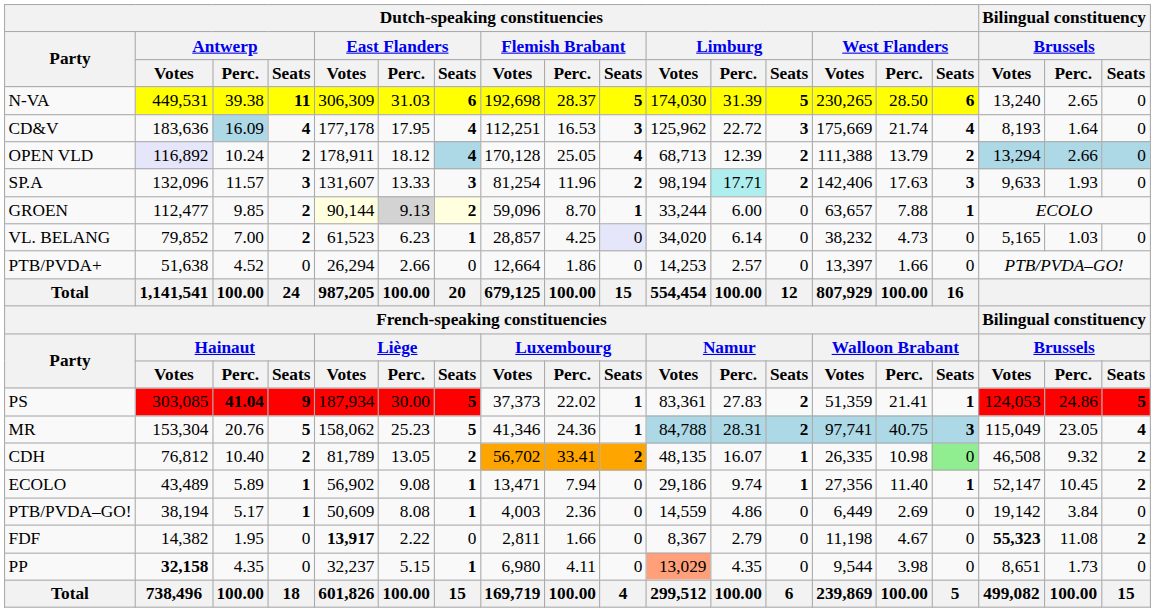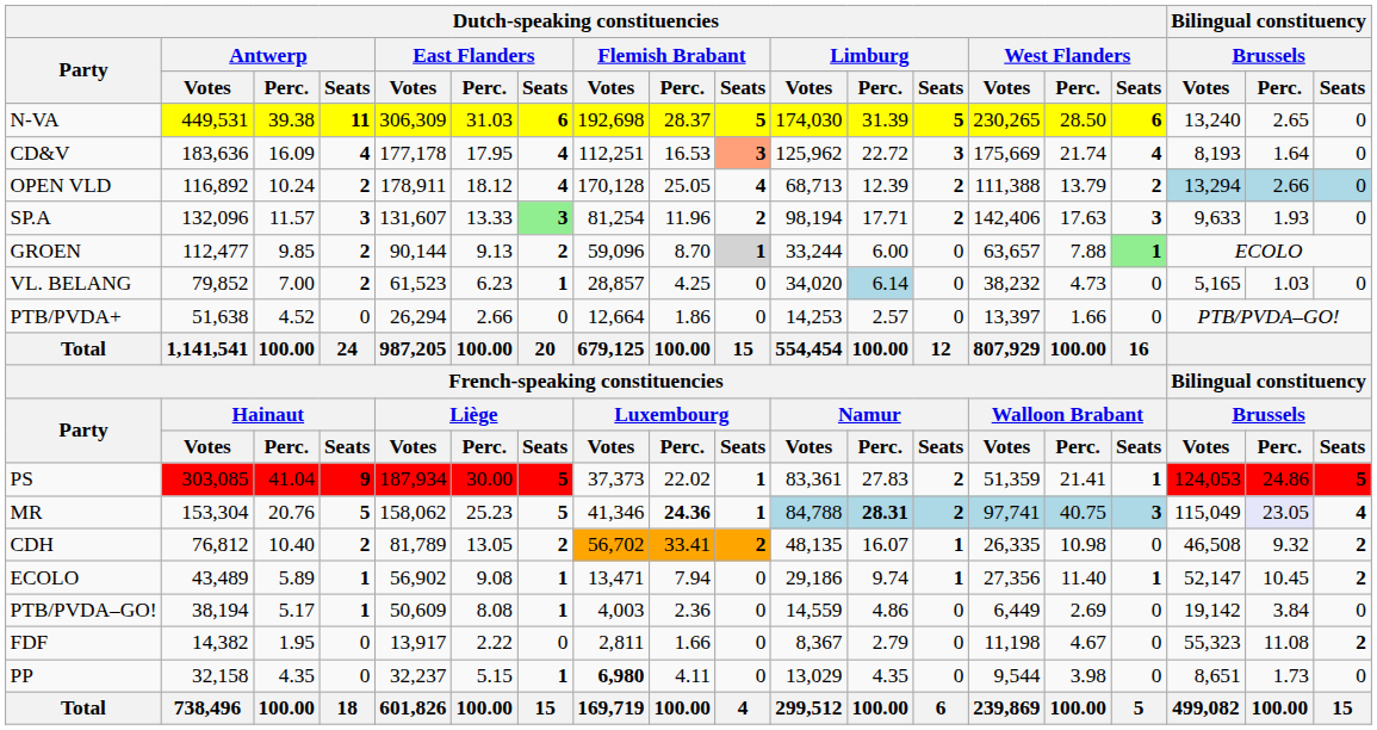 <table class="wikitable">
 <tr>
 <th colspan=16>Dutch-speaking constituencies</th>
 <th colspan=3>Bilingual constituency</th>
 </tr>
 <tr>
 <th rowspan=2>Party</th>
 <th colspan=3><a href='#'>Antwerp</a></th>
 <th colspan=3><a href='#'>East Flanders</a></th>
 <th colspan=3><a href='#'>Flemish Brabant</a></th>
 <th colspan=3><a href='#'>Limburg</a></th>
 <th colspan=3><a href='#'>West Flanders</a></th>
 <th colspan=3><a href='#'>Brussels</a></th>
 </tr>
 <tr>
 <th>Votes</th>
 <th>Perc.</th>
 <th>Seats</th>
 <th>Votes</th>
 <th>Perc.</th>
 <th>Seats</th>
 <th>Votes</th>
 <th>Perc.</th>
 <th>Seats</th>
 <th>Votes</th>
 <th>Perc.</th>
 <th>Seats</th>
 <th>Votes</th>
 <th>Perc.</th>
 <th>Seats</th>
 <th>Votes</th>
 <th>Perc.</th>
 <th>Seats</th>
 </tr>
 <tr align="right">
 <td align="left">N-VA</td>
 <td bgcolor="yellow">449,531</td>
 <td bgcolor="yellow">39.38</td>
 <td bgcolor="yellow"><strong>11</strong></td>
 <td bgcolor="yellow">306,309</td>
 <td bgcolor="yellow">31.03</td>
 <td bgcolor="yellow"><strong>6</strong></td>
 <td bgcolor="yellow">192,698</td>
 <td bgcolor="yellow">28.37</td>
 <td bgcolor="yellow"><strong>5</strong></td>
 <td bgcolor="yellow">174,030</td>
 <td bgcolor="yellow">31.39</td>
 <td bgcolor="yellow"><strong>5</strong></td>
 <td bgcolor="yellow">230,265</td>
 <td bgcolor="yellow">28.50</td>
 <td bgcolor="yellow"><strong>6</strong></td>
 <td>13,240</td>
 <td>2.65</td>
 <td>0</td>
 </tr>
 <tr align="right">
 <td align="left">CD&V</td>
 <td>183,636</td>
-<td style="background: lightblue;">16.09</td>
+<td>16.09</td>
 <td><strong>4</strong></td>
 <td>177,178</td>
 <td>17.95</td>
 <td><strong>4</strong></td>
 <td>112,251</td>
 <td>16.53</td>
-<td><strong>3</strong></td>
+<td style="background: lightsalmon;"><strong>3</strong></td>
 <td>125,962</td>
 <td>22.72</td>
 <td><strong>3</strong></td>
 <td>175,669</td>
 <td>21.74</td>
 <td><strong>4</strong></td>
 <td>8,193</td>
 <td>1.64</td>
 <td>0</td>
 </tr>
 <tr align="right">
 <td align="left">OPEN VLD</td>
-<td style="background: lavender;">116,892</td>
+<td>116,892</td>
 <td>10.24</td>
 <td><strong>2</strong></td>
 <td>178,911</td>
 <td>18.12</td>
-<td style="background: lightblue;"><strong>4</strong></td>
+<td><strong>4</strong></td>
 <td>170,128</td>
 <td>25.05</td>
 <td><strong>4</strong></td>
 <td>68,713</td>
 <td>12.39</td>
 <td><strong>2</strong></td>
 <td>111,388</td>
 <td>13.79</td>
 <td><strong>2</strong></td>
 <td bgcolor="lightblue">13,294</td>
 <td bgcolor="lightblue">2.66</td>
 <td bgcolor="lightblue">0</td>
 </tr>
 <tr align="right">
 <td align="left">SP.A</td>
 <td>132,096</td>
 <td>11.57</td>
 <td><strong>3</strong></td>
 <td>131,607</td>
 <td>13.33</td>
-<td><strong>3</strong></td>
+<td style="background: lightgreen;"><strong>3</strong></td>
 <td>81,254</td>
 <td>11.96</td>
 <td><strong>2</strong></td>
 <td>98,194</td>
-<td style="background: paleturquoise;">17.71</td>
+<td>17.71</td>
 <td><strong>2</strong></td>
 <td>142,406</td>
 <td>17.63</td>
 <td><strong>3</strong></td>
 <td>9,633</td>
 <td>1.93</td>
 <td>0</td>
 </tr>
 <tr align="right">
 <td align="left">GROEN</td>
 <td>112,477</td>
 <td>9.85</td>
 <td><strong>2</strong></td>
-<td style="background: lightyellow;">90,144</td>
-<td style="background: lightgrey;">9.13</td>
-<td style="background: lightyellow;"><strong>2</strong></td>
+<td>90,144</td>
+<td>9.13</td>
+<td><strong>2</strong></td>
 <td>59,096</td>
 <td>8.70</td>
-<td><strong>1</strong></td>
+<td style="background: lightgrey;"><strong>1</strong></td>
 <td>33,244</td>
 <td>6.00</td>
 <td>0</td>
 <td>63,657</td>
 <td>7.88</td>
-<td><strong>1</strong></td>
+<td style="background: lightgreen;"><strong>1</strong></td>
 <td align="center" colspan=3><em>ECOLO</em></td>
 </tr>
 <tr align="right">
 <td align="left">VL. BELANG</td>
 <td>79,852</td>
 <td>7.00</td>
 <td><strong>2</strong></td>
 <td>61,523</td>
 <td>6.23</td>
 <td><strong>1</strong></td>
 <td>28,857</td>
 <td>4.25</td>
-<td style="background: lavender;">0</td>
+<td>0</td>
 <td>34,020</td>
-<td>6.14</td>
+<td style="background: lightblue;">6.14</td>
 <td>0</td>
 <td>38,232</td>
 <td>4.73</td>
 <td>0</td>
 <td>5,165</td>
 <td>1.03</td>
 <td>0</td>
 </tr>
 <tr align="right">
 <td align="left">PTB/PVDA+</td>
 <td>51,638</td>
 <td>4.52</td>
 <td>0</td>
 <td>26,294</td>
 <td>2.66</td>
 <td>0</td>
 <td>12,664</td>
 <td>1.86</td>
 <td>0</td>
 <td>14,253</td>
 <td>2.57</td>
 <td>0</td>
 <td>13,397</td>
 <td>1.66</td>
 <td>0</td>
 <td align="center" colspan=3><em>PTB/PVDA–GO!</em></td>
 </tr>
 <tr align="right">
 <th align="left">Total</th>
 <th>1,141,541</th>
 <th>100.00</th>
 <th>24</th>
 <th>987,205</th>
 <th>100.00</th>
 <th>20</th>
 <th>679,125</th>
 <th>100.00</th>
 <th>15</th>
 <th>554,454</th>
 <th>100.00</th>
 <th>12</th>
 <th>807,929</th>
 <th>100.00</th>
 <th>16</th>
 <th colspan=3></th>
 </tr>
 <tr>
 <th colspan=16>French-speaking constituencies</th>
 <th colspan=3>Bilingual constituency</th>
 </tr>
 <tr>
 <th rowspan=2>Party</th>
 <th colspan=3><a href='#'>Hainaut</a></th>
 <th colspan=3><a href='#'>Liège</a></th>
 <th colspan=3><a href='#'>Luxembourg</a></th>
 <th colspan=3><a href='#'>Namur</a></th>
 <th colspan=3><a href='#'>Walloon Brabant</a></th>
 <th colspan=3><a href='#'>Brussels</a></th>
 </tr>
 <tr>
 <th>Votes</th>
 <th>Perc.</th>
 <th>Seats</th>
 <th>Votes</th>
 <th>Perc.</th>
 <th>Seats</th>
 <th>Votes</th>
 <th>Perc.</th>
 <th>Seats</th>
 <th>Votes</th>
 <th>Perc.</th>
 <th>Seats</th>
 <th>Votes</th>
 <th>Perc.</th>
 <th>Seats</th>
 <th>Votes</th>
 <th>Perc.</th>
 <th>Seats</th>
 </tr>
 <tr align="right">
 <td align="left">PS</td>
 <td bgcolor="red">303,085</td>
-<td bgcolor="red"><strong>41.04</strong></td>
+<td bgcolor="red">41.04</td>
 <td bgcolor="red"><strong>9</strong></td>
 <td bgcolor="red">187,934</td>
 <td bgcolor="red">30.00</td>
 <td bgcolor="red"><strong>5</strong></td>
 <td>37,373</td>
 <td>22.02</td>
 <td><strong>1</strong></td>
 <td>83,361</td>
 <td>27.83</td>
 <td><strong>2</strong></td>
 <td>51,359</td>
 <td>21.41</td>
 <td><strong>1</strong></td>
 <td bgcolor="red">124,053</td>
 <td bgcolor="red">24.86</td>
 <td bgcolor="red"><strong>5</strong></td>
 </tr>
 <tr align="right">
 <td align="left">MR</td>
 <td>153,304</td>
 <td>20.76</td>
 <td><strong>5</strong></td>
 <td>158,062</td>
 <td>25.23</td>
 <td><strong>5</strong></td>
 <td>41,346</td>
-<td>24.36</td>
+<td><strong>24.36</strong></td>
 <td><strong>1</strong></td>
 <td bgcolor="lightblue">84,788</td>
-<td bgcolor="lightblue">28.31</td>
+<td bgcolor="lightblue"><strong>28.31</strong></td>
 <td bgcolor="lightblue"><strong>2</strong></td>
 <td bgcolor="lightblue">97,741</td>
 <td bgcolor="lightblue">40.75</td>
 <td bgcolor="lightblue"><strong>3</strong></td>
 <td>115,049</td>
-<td>23.05</td>
+<td style="background: lavender;">23.05</td>
 <td><strong>4</strong></td>
 </tr>
 <tr align="right">
 <td align="left">CDH</td>
 <td>76,812</td>
 <td>10.40</td>
 <td><strong>2</strong></td>
 <td>81,789</td>
 <td>13.05</td>
 <td><strong>2</strong></td>
 <td bgcolor="orange">56,702</td>
 <td bgcolor="orange">33.41</td>
 <td bgcolor="orange"><strong>2</strong></td>
 <td>48,135</td>
 <td>16.07</td>
 <td><strong>1</strong></td>
 <td>26,335</td>
 <td>10.98</td>
-<td style="background: lightgreen;">0</td>
+<td>0</td>
 <td>46,508</td>
 <td>9.32</td>
 <td><strong>2</strong></td>
 </tr>
 <tr align="right">
 <td align="left">ECOLO</td>
 <td>43,489</td>
 <td>5.89</td>
 <td><strong>1</strong></td>
 <td>56,902</td>
 <td>9.08</td>
 <td><strong>1</strong></td>
 <td>13,471</td>
 <td>7.94</td>
 <td>0</td>
 <td>29,186</td>
 <td>9.74</td>
 <td><strong>1</strong></td>
 <td>27,356</td>
 <td>11.40</td>
 <td><strong>1</strong></td>
 <td>52,147</td>
 <td>10.45</td>
 <td><strong>2</strong></td>
 </tr>
 <tr align="right">
 <td align="left">PTB/PVDA–GO!</td>
 <td>38,194</td>
 <td>5.17</td>
 <td><strong>1</strong></td>
 <td>50,609</td>
 <td>8.08</td>
 <td><strong>1</strong></td>
 <td>4,003</td>
 <td>2.36</td>
 <td>0</td>
 <td>14,559</td>
 <td>4.86</td>
 <td>0</td>
 <td>6,449</td>
 <td>2.69</td>
 <td>0</td>
 <td>19,142</td>
 <td>3.84</td>
 <td>0</td>
 </tr>
 <tr align="right">
 <td align="left">FDF</td>
 <td>14,382</td>
 <td>1.95</td>
 <td>0</td>
-<td><strong>13,917</strong></td>
+<td>13,917</td>
 <td>2.22</td>
 <td>0</td>
 <td>2,811</td>
 <td>1.66</td>
 <td>0</td>
 <td>8,367</td>
 <td>2.79</td>
 <td>0</td>
 <td>11,198</td>
 <td>4.67</td>
 <td>0</td>
-<td><strong>55,323</strong></td>
+<td>55,323</td>
 <td>11.08</td>
 <td><strong>2</strong></td>
 </tr>
 <tr align="right">
 <td align="left">PP</td>
-<td><strong>32,158</strong></td>
+<td>32,158</td>
 <td>4.35</td>
 <td>0</td>
 <td>32,237</td>
 <td>5.15</td>
 <td><strong>1</strong></td>
-<td>6,980</td>
+<td><strong>6,980</strong></td>
 <td>4.11</td>
 <td>0</td>
-<td style="background: lightsalmon;">13,029</td>
+<td>13,029</td>
 <td>4.35</td>
 <td>0</td>
 <td>9,544</td>
 <td>3.98</td>
 <td>0</td>
 <td>8,651</td>
 <td>1.73</td>
 <td>0</td>
 </tr>
 <tr align="right">
 <th align="left">Total</th>
 <th>738,496</th>
 <th>100.00</th>
 <th>18</th>
 <th>601,826</th>
 <th>100.00</th>
 <th>15</th>
 <th>169,719</th>
 <th>100.00</th>
 <th>4</th>
 <th>299,512</th>
 <th>100.00</th>
 <th>6</th>
 <th>239,869</th>
 <th>100.00</th>
 <th>5</th>
 <th>499,082</th>
 <th>100.00</th>
 <th>15</th>
 </tr>
 </table>
